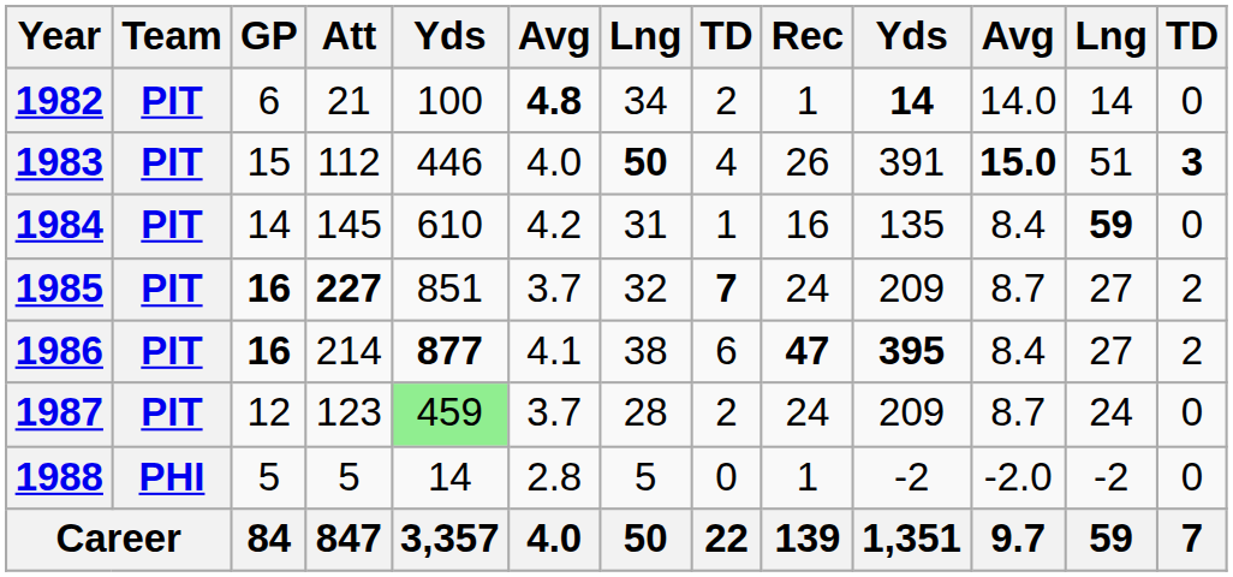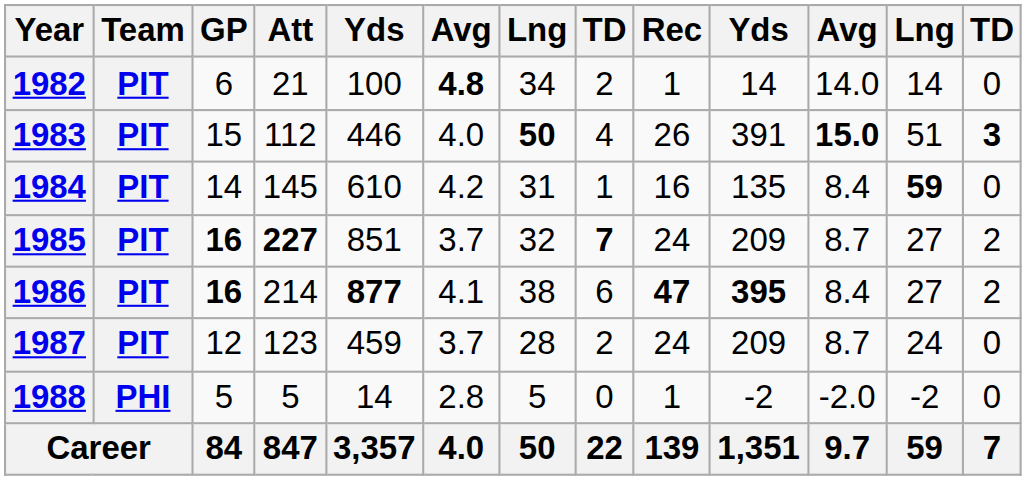 <table class="wikitable" style="text-align:center;">
 <tr>
 <th>Year</th>
 <th>Team</th>
 <th>GP</th>
 <th>Att</th>
 <th>Yds</th>
 <th>Avg</th>
 <th>Lng</th>
 <th>TD</th>
 <th>Rec</th>
 <th>Yds</th>
 <th>Avg</th>
 <th>Lng</th>
 <th>TD</th>
 </tr>
 <tr>
 <th><a href='#'>1982</a></th>
 <th><a href='#'>PIT</a></th>
 <td>6</td>
 <td>21</td>
 <td>100</td>
 <td><strong>4.8</strong></td>
 <td>34</td>
 <td>2</td>
 <td>1</td>
-<td><strong>14</strong></td>
+<td>14</td>
 <td>14.0</td>
 <td>14</td>
 <td>0</td>
 </tr>
 <tr>
 <th><a href='#'>1983</a></th>
 <th><a href='#'>PIT</a></th>
 <td>15</td>
 <td>112</td>
 <td>446</td>
 <td>4.0</td>
 <td><strong>50</strong></td>
 <td>4</td>
 <td>26</td>
 <td>391</td>
 <td><strong>15.0</strong></td>
 <td>51</td>
 <td><strong>3</strong></td>
 </tr>
 <tr>
 <th><a href='#'>1984</a></th>
 <th><a href='#'>PIT</a></th>
 <td>14</td>
 <td>145</td>
 <td>610</td>
 <td>4.2</td>
 <td>31</td>
 <td>1</td>
 <td>16</td>
 <td>135</td>
 <td>8.4</td>
 <td><strong>59</strong></td>
 <td>0</td>
 </tr>
 <tr>
 <th><a href='#'>1985</a></th>
 <th><a href='#'>PIT</a></th>
 <td><strong>16</strong></td>
 <td><strong>227</strong></td>
 <td>851</td>
 <td>3.7</td>
 <td>32</td>
 <td><strong>7</strong></td>
 <td>24</td>
 <td>209</td>
 <td>8.7</td>
 <td>27</td>
 <td>2</td>
 </tr>
 <tr>
 <th><a href='#'>1986</a></th>
 <th><a href='#'>PIT</a></th>
 <td><strong>16</strong></td>
 <td>214</td>
 <td><strong>877</strong></td>
 <td>4.1</td>
 <td>38</td>
 <td>6</td>
 <td><strong>47</strong></td>
 <td><strong>395</strong></td>
 <td>8.4</td>
 <td>27</td>
 <td>2</td>
 </tr>
 <tr>
 <th><a href='#'>1987</a></th>
 <th><a href='#'>PIT</a></th>
 <td>12</td>
 <td>123</td>
-<td style="background: lightgreen;">459</td>
+<td>459</td>
 <td>3.7</td>
 <td>28</td>
 <td>2</td>
 <td>24</td>
 <td>209</td>
 <td>8.7</td>
 <td>24</td>
 <td>0</td>
 </tr>
 <tr>
 <th><a href='#'>1988</a></th>
 <th><a href='#'>PHI</a></th>
 <td>5</td>
 <td>5</td>
 <td>14</td>
 <td>2.8</td>
 <td>5</td>
 <td>0</td>
 <td>1</td>
 <td>-2</td>
 <td>-2.0</td>
 <td>-2</td>
 <td>0</td>
 </tr>
 <tr>
 <th colspan="2">Career</th>
 <th>84</th>
 <th>847</th>
 <th>3,357</th>
 <th>4.0</th>
 <th>50</th>
 <th>22</th>
 <th>139</th>
 <th>1,351</th>
 <th>9.7</th>
 <th>59</th>
 <th>7</th>
 </tr>
 </table>
